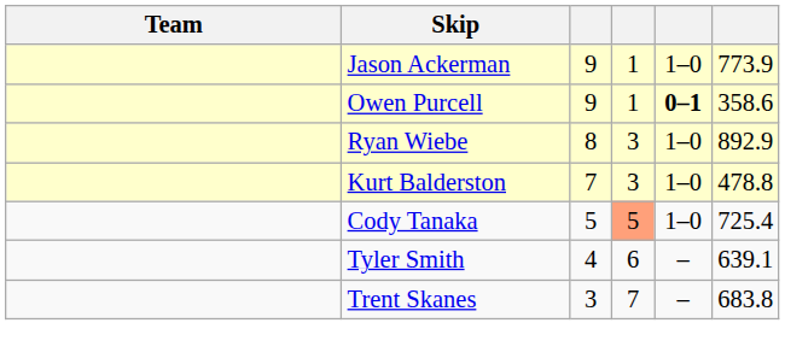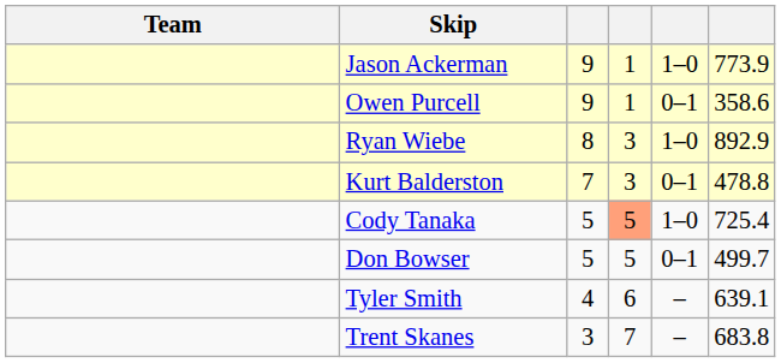 <table class="wikitable" style="text-align: center;">
 <tr>
 <th width=210>Team</th>
 <th width=140>Skip</th>
 <th width=20></th>
 <th width=20></th>
 <th width=30></th>
 <th width=20></th>
 </tr>
 <tr bgcolor=#ffffcc>
 <td style="text-align:left;"></td>
 <td style="text-align:left;"><a href='#'>Jason Ackerman</a></td>
 <td>9</td>
 <td>1</td>
 <td>1–0</td>
 <td>773.9</td>
 </tr>
 <tr bgcolor=#ffffcc>
 <td style="text-align:left;"></td>
 <td style="text-align:left;"><a href='#'>Owen Purcell</a></td>
 <td>9</td>
 <td>1</td>
-<td><strong>0–1</strong></td>
+<td>0–1</td>
 <td>358.6</td>
 </tr>
 <tr bgcolor=#ffffcc>
 <td style="text-align:left;"></td>
 <td style="text-align:left;"><a href='#'>Ryan Wiebe</a></td>
 <td>8</td>
 <td>3</td>
 <td>1–0</td>
 <td>892.9</td>
 </tr>
 <tr bgcolor=#ffffcc>
 <td style="text-align:left;"></td>
 <td style="text-align:left;"><a href='#'>Kurt Balderston</a></td>
 <td>7</td>
 <td>3</td>
-<td>1–0</td>
+<td>0–1</td>
 <td>478.8</td>
 </tr>
 <tr>
 <td style="text-align:left;"></td>
 <td style="text-align:left;"><a href='#'>Cody Tanaka</a></td>
 <td>5</td>
 <td style="background: lightsalmon;">5</td>
 <td>1–0</td>
 <td>725.4</td>
+</tr>
+<tr>
+<td style="text-align:left;"></td>
+<td style="text-align:left;"><a href='#'>Don Bowser</a></td>
+<td>5</td>
+<td>5</td>
+<td>0–1</td>
+<td>499.7</td>
 </tr>
 <tr>
 <td style="text-align:left;"></td>
 <td style="text-align:left;"><a href='#'>Tyler Smith</a></td>
 <td>4</td>
 <td>6</td>
 <td>–</td>
 <td>639.1</td>
 </tr>
 <tr>
 <td style="text-align:left;"></td>
 <td style="text-align:left;"><a href='#'>Trent Skanes</a></td>
 <td>3</td>
 <td>7</td>
 <td>–</td>
 <td>683.8</td>
 </tr>
 </table>
